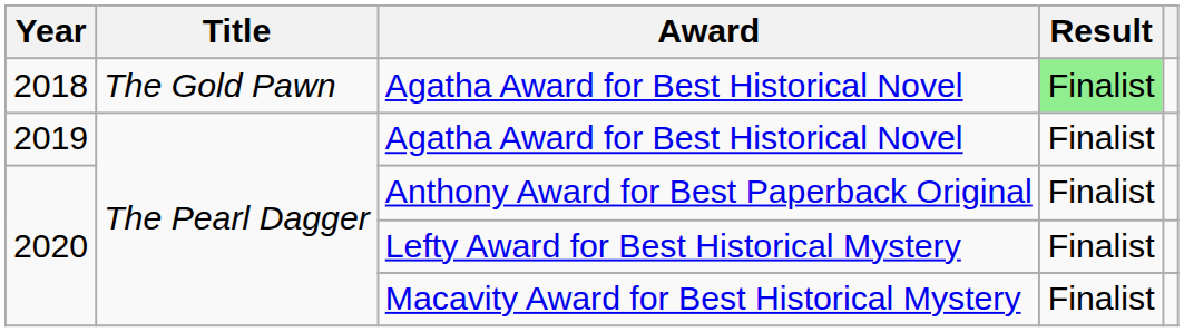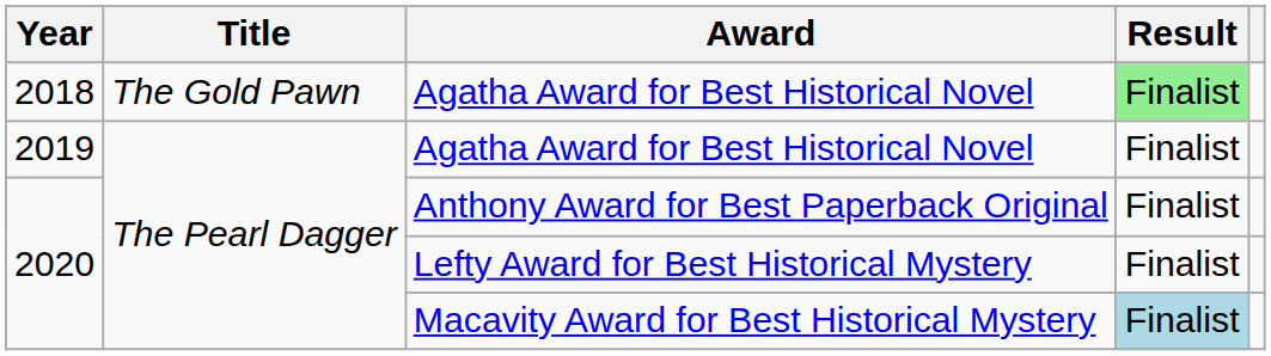 <table class="wikitable">
 <tr>
 <th>Year</th>
 <th>Title</th>
 <th>Award</th>
 <th>Result</th>
 <th></th>
 </tr>
 <tr>
 <td>2018</td>
 <td><em>The Gold Pawn</em></td>
 <td><a href='#'>Agatha Award for Best Historical Novel</a></td>
 <td style="background: lightgreen;">Finalist</td>
 <td></td>
 </tr>
 <tr>
 <td>2019</td>
 <td rowspan="4"><em>The Pearl Dagger</em></td>
 <td><a href='#'>Agatha Award for Best Historical Novel</a></td>
 <td>Finalist</td>
 <td></td>
 </tr>
 <tr>
 <td rowspan="3">2020</td>
 <td><a href='#'>Anthony Award for Best Paperback Original</a></td>
 <td>Finalist</td>
 <td></td>
 </tr>
 <tr>
 <td><a href='#'>Lefty Award for Best Historical Mystery</a></td>
 <td>Finalist</td>
 <td></td>
 </tr>
 <tr>
 <td><a href='#'>Macavity Award for Best Historical Mystery</a></td>
-<td>Finalist</td>
+<td style="background: lightblue;">Finalist</td>
 <td></td>
 </tr>
 </table>
